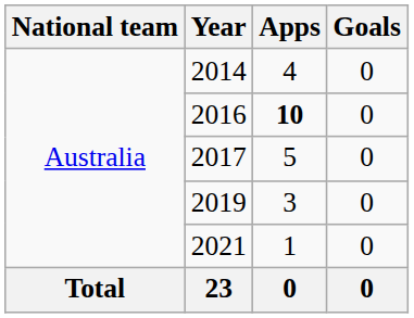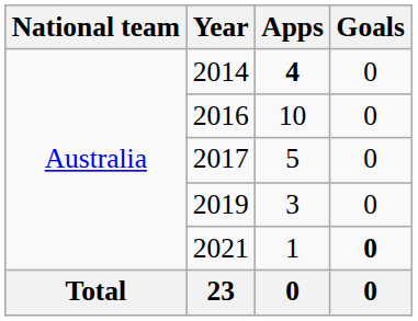 <table class="wikitable" style="text-align:center">
 <tr>
 <th>National team</th>
 <th>Year</th>
 <th>Apps</th>
 <th>Goals</th>
 </tr>
 <tr>
 <td rowspan="5"><a href='#'>Australia</a></td>
 <td>2014</td>
-<td>4</td>
+<td><strong>4</strong></td>
 <td>0</td>
 </tr>
 <tr>
 <td>2016</td>
-<td><strong>10</strong></td>
+<td>10</td>
 <td>0</td>
 </tr>
 <tr>
 <td>2017</td>
 <td>5</td>
 <td>0</td>
 </tr>
 <tr>
 <td>2019</td>
 <td>3</td>
 <td>0</td>
 </tr>
 <tr>
 <td>2021</td>
 <td>1</td>
-<td>0</td>
+<td><strong>0</strong></td>
 </tr>
 <tr>
 <th>Total</th>
 <th>23</th>
 <th>0</th>
 <th>0</th>
 </tr>
 </table>
